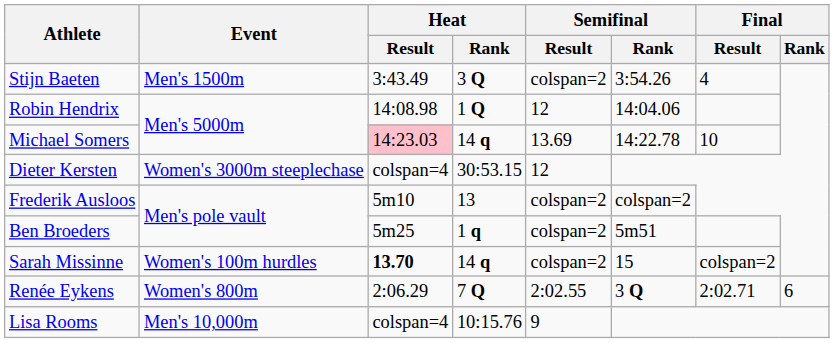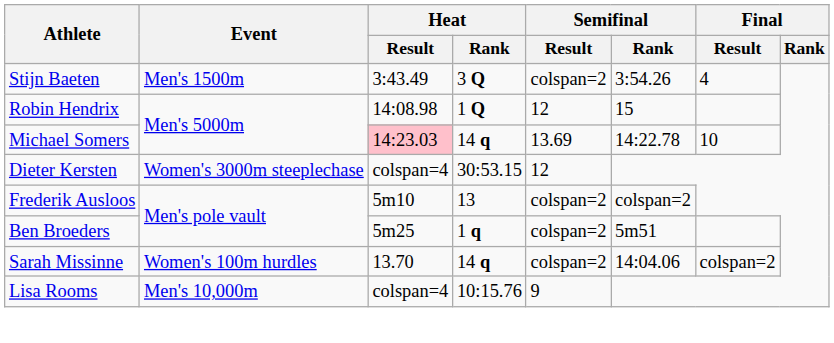 <table class="wikitable" style="font-size:90%">
 <tr>
 <th rowspan="2">Athlete</th>
 <th rowspan="2">Event</th>
 <th colspan="2">Heat</th>
 <th colspan="2">Semifinal</th>
 <th colspan="2">Final</th>
 </tr>
 <tr style="font-size:95%">
 <th>Result</th>
 <th>Rank</th>
 <th>Result</th>
 <th>Rank</th>
 <th>Result</th>
 <th>Rank</th>
 </tr>
 <tr>
 <td align=left><a href='#'>Stijn Baeten</a></td>
 <td align=left><a href='#'>Men's 1500m</a></td>
 <td>3:43.49</td>
 <td>3 <strong>Q</strong></td>
 <td>colspan=2 </td>
 <td>3:54.26</td>
 <td>4</td>
 </tr>
 <tr>
 <td align=left><a href='#'>Robin Hendrix</a></td>
 <td rowspan=2 align=left><a href='#'>Men's 5000m</a></td>
 <td>14:08.98</td>
 <td>1 <strong>Q</strong></td>
 <td>12</td>
-<td>14:04.06</td>
+<td>15</td>
 <td></td>
 </tr>
 <tr>
 <td align=left><a href='#'>Michael Somers</a></td>
 <td style="background: pink;">14:23.03</td>
 <td>14 <strong>q</strong></td>
 <td>13.69</td>
 <td>14:22.78</td>
 <td>10</td>
 </tr>
 <tr>
 <td align=left><a href='#'>Dieter Kersten</a></td>
 <td align=left><a href='#'>Women's 3000m steeplechase</a></td>
 <td>colspan=4 </td>
 <td>30:53.15</td>
 <td>12</td>
 </tr>
 <tr>
 <td align=left><a href='#'>Frederik Ausloos</a></td>
 <td rowspan=2 align=left><a href='#'>Men's pole vault</a></td>
 <td>5m10</td>
 <td>13</td>
 <td>colspan=2 </td>
 <td>colspan=2 </td>
 </tr>
 <tr>
 <td align=left><a href='#'>Ben Broeders</a></td>
 <td>5m25</td>
 <td>1 <strong>q</strong></td>
 <td>colspan=2 </td>
 <td>5m51</td>
 <td></td>
 </tr>
 <tr>
 <td align=left><a href='#'>Sarah Missinne</a></td>
 <td align=left><a href='#'>Women's 100m hurdles</a></td>
-<td><strong>13.70</strong></td>
+<td>13.70</td>
 <td>14 <strong>q</strong></td>
 <td>colspan=2 </td>
-<td>15</td>
+<td>14:04.06</td>
 <td>colspan=2 </td>
-</tr>
-<tr>
-<td align=left><a href='#'>Renée Eykens</a></td>
-<td align=left><a href='#'>Women's 800m</a></td>
-<td>2:06.29</td>
-<td>7 <strong>Q</strong></td>
-<td>2:02.55</td>
-<td>3 <strong>Q</strong></td>
-<td>2:02.71</td>
-<td>6</td>
 </tr>
 <tr>
 <td align=left><a href='#'>Lisa Rooms</a></td>
 <td align=left><a href='#'>Men's 10,000m</a></td>
 <td>colspan=4 </td>
 <td>10:15.76</td>
 <td>9</td>
 </tr>
 </table>
